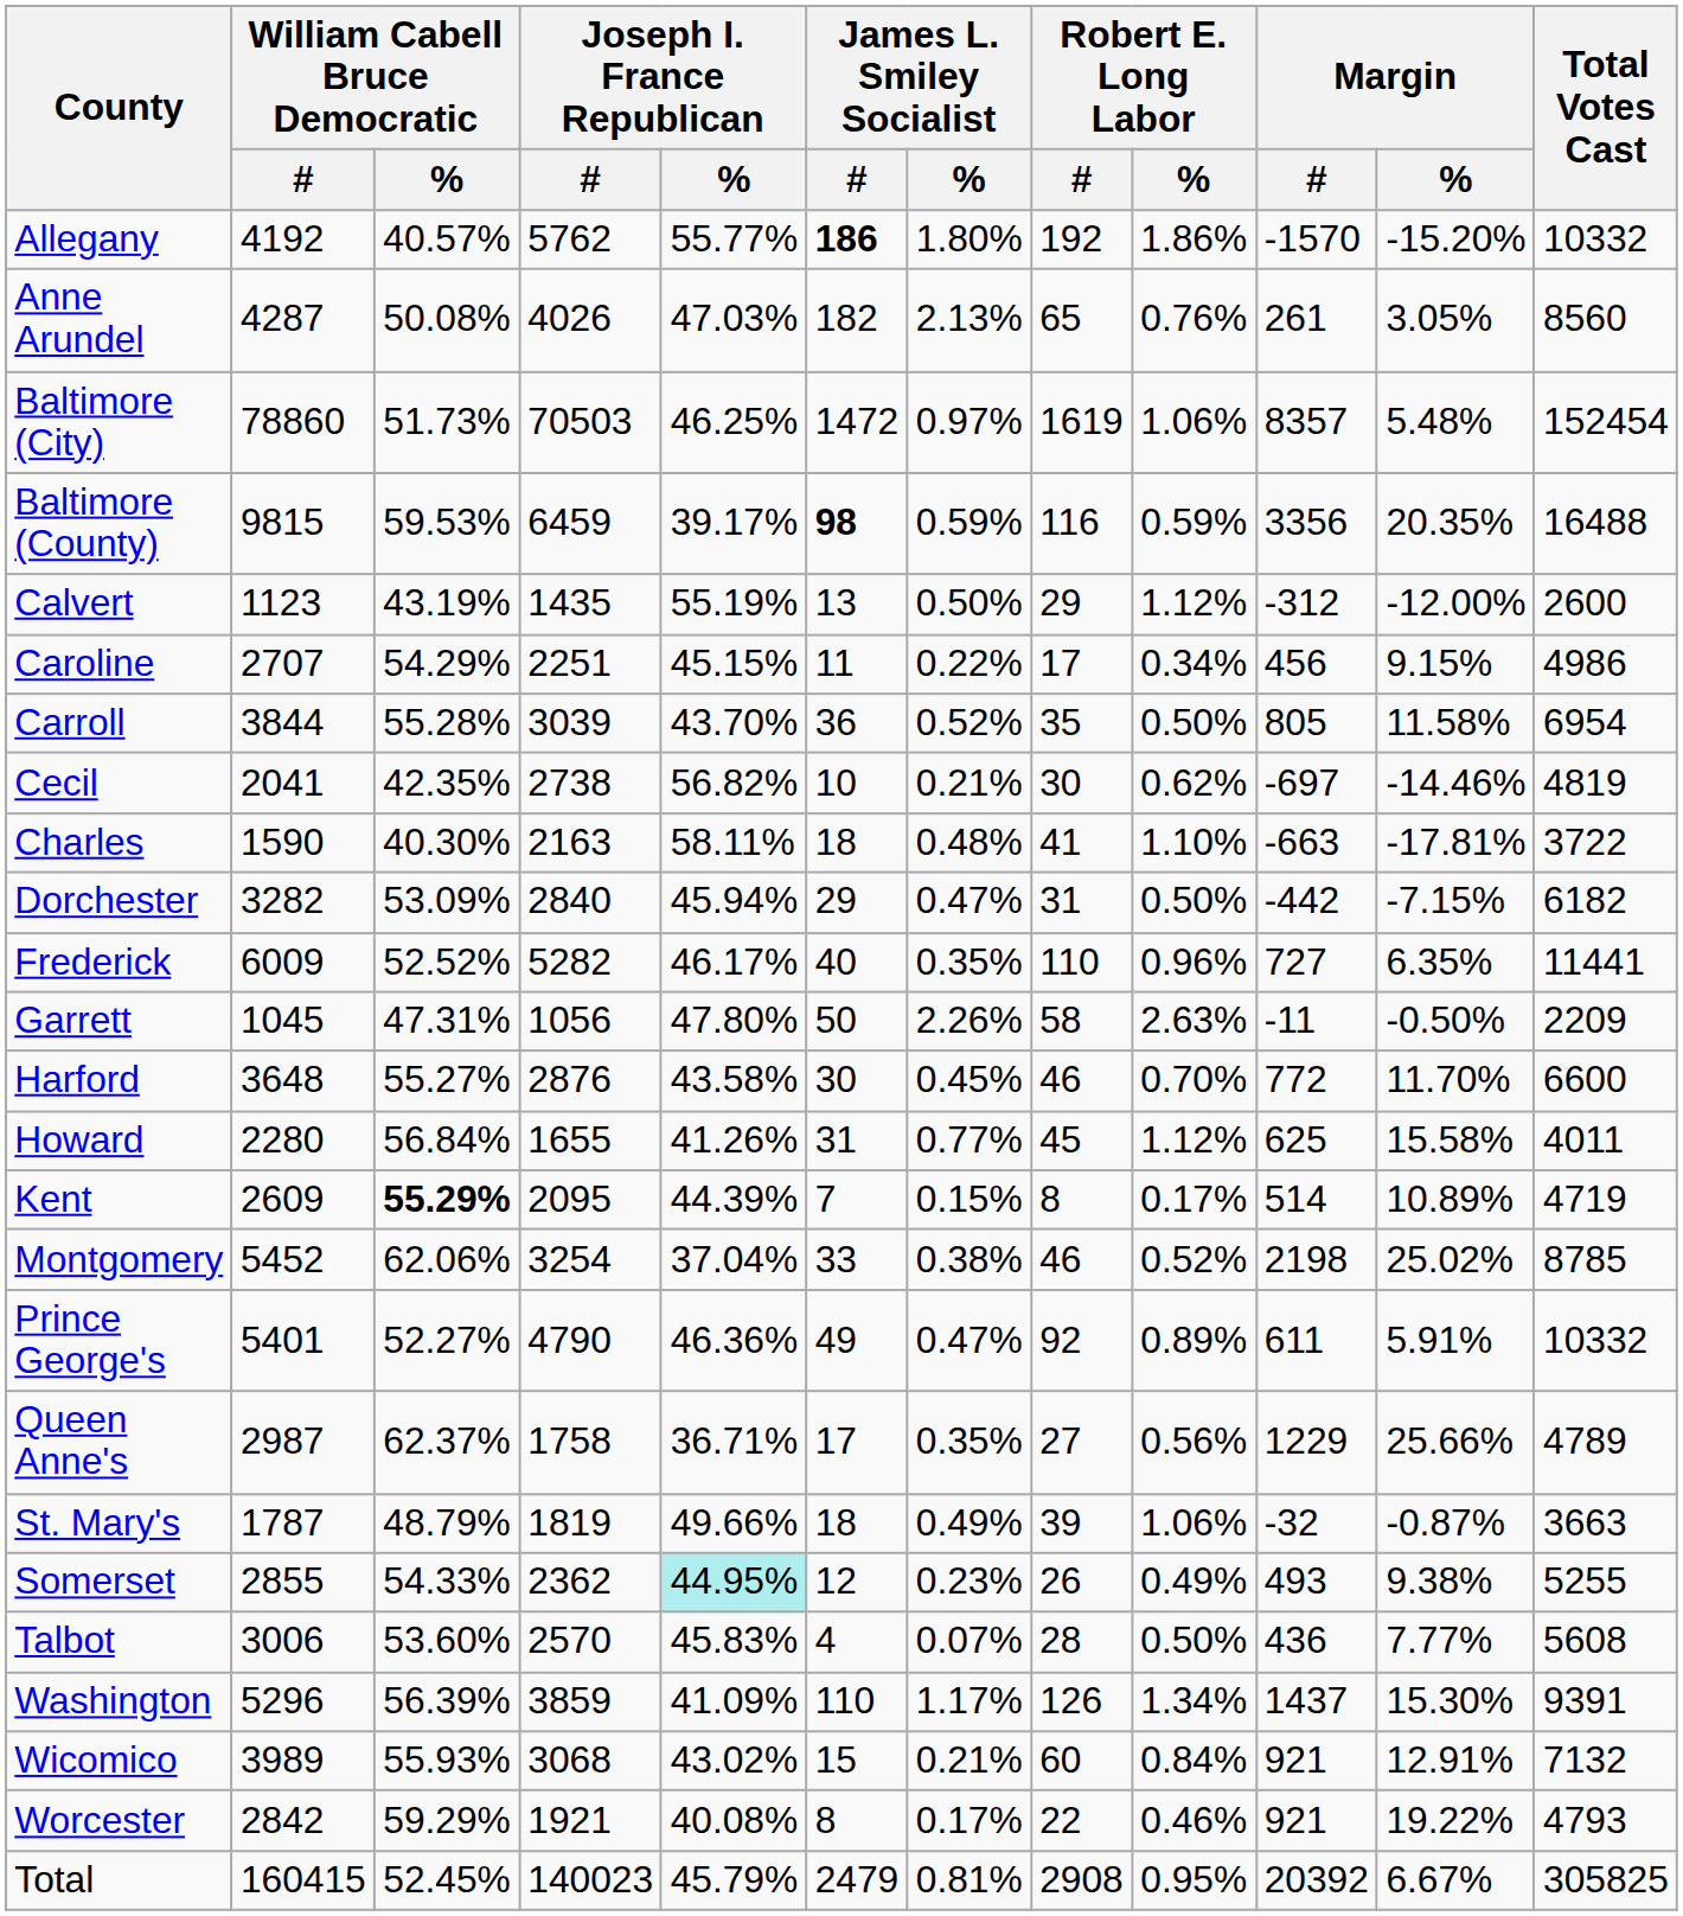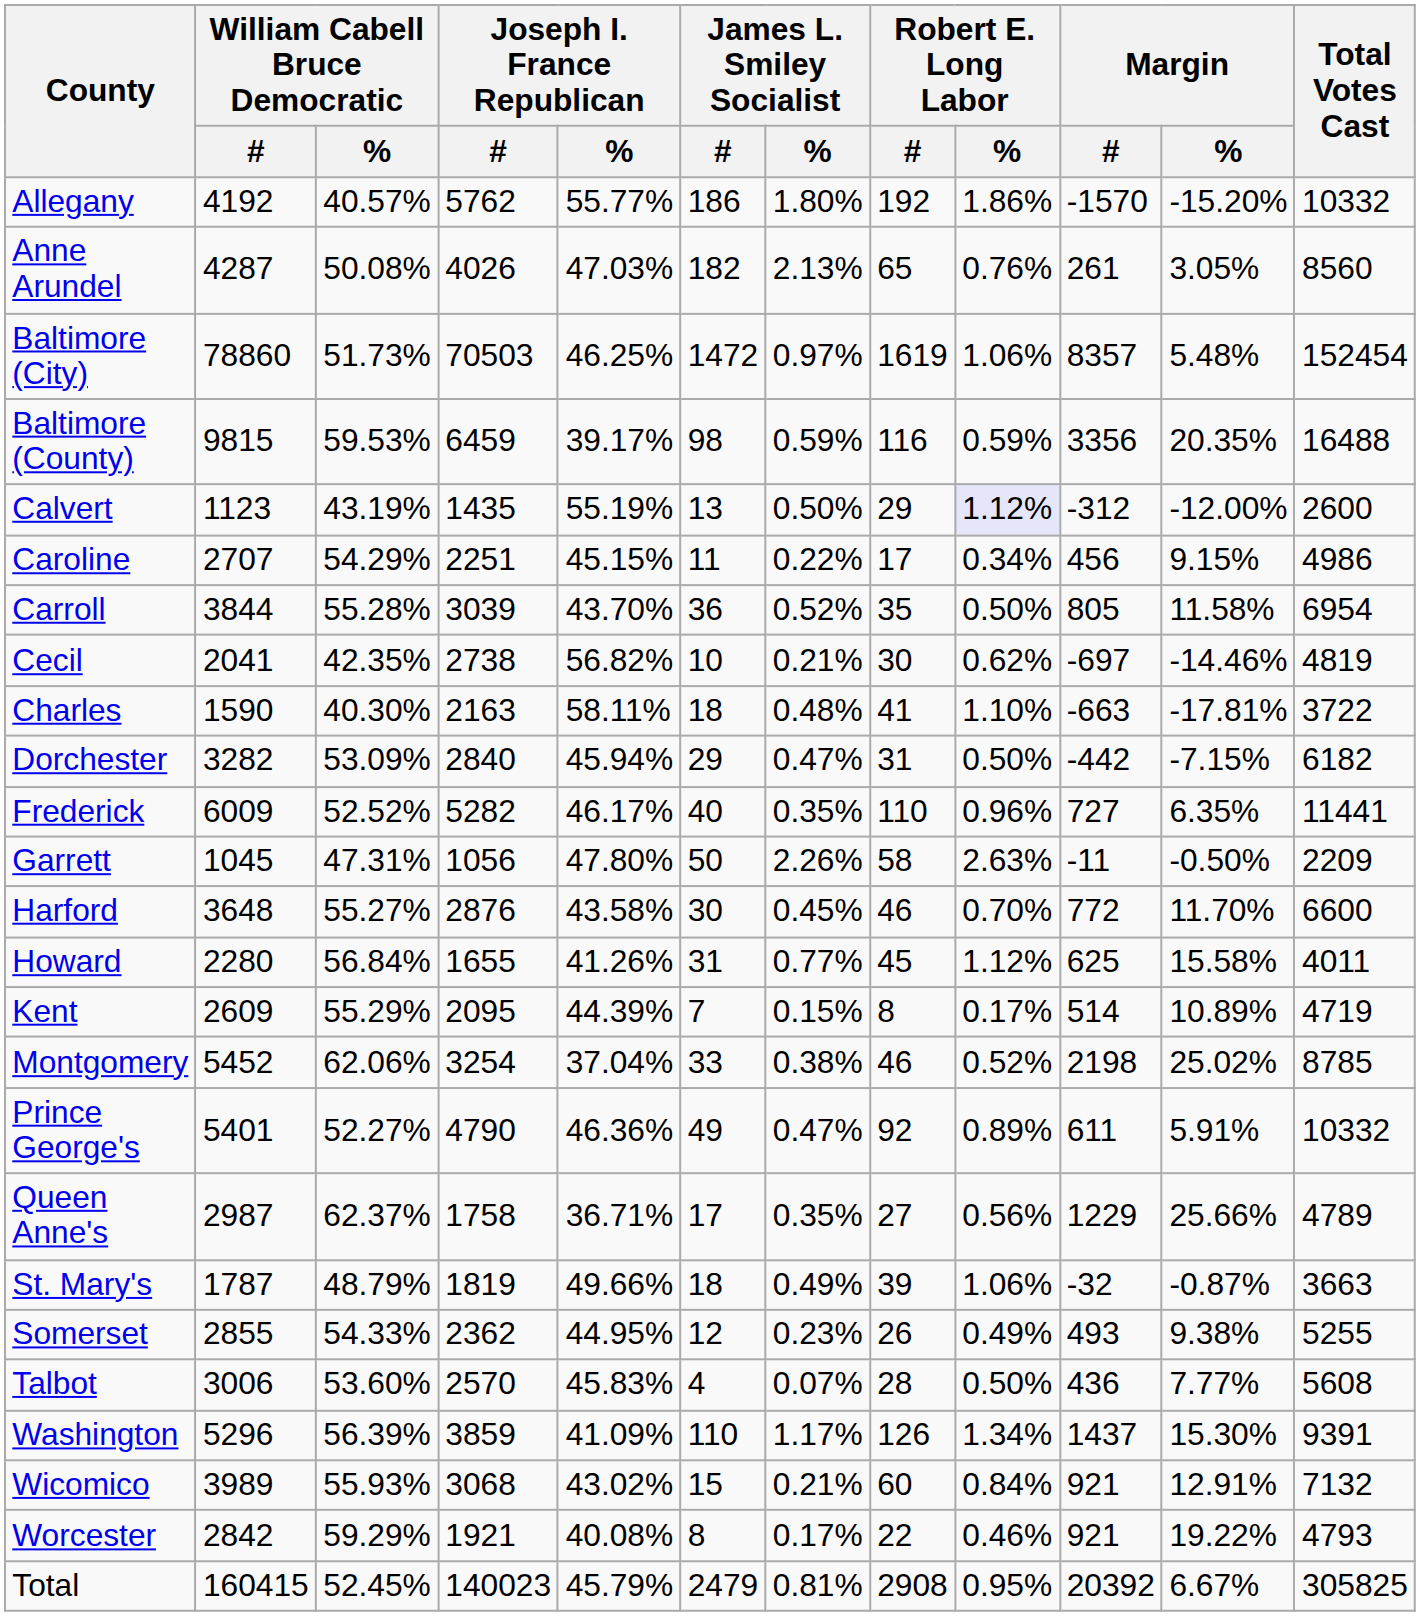 <table class="wikitable sortable">
 <tr>
 <th rowspan="2">County</th>
 <th colspan="2" >William Cabell Bruce<br>Democratic</th>
 <th colspan="2" >Joseph I. France<br>Republican</th>
 <th colspan="2" >James L. Smiley<br>Socialist</th>
 <th colspan="2" >Robert E. Long<br>Labor</th>
 <th colspan="2">Margin</th>
 <th rowspan="2">Total<br>Votes<br>Cast</th>
 </tr>
 <tr>
 <th>#</th>
 <th>%</th>
 <th>#</th>
 <th>%</th>
 <th>#</th>
 <th>%</th>
 <th>#</th>
 <th>%</th>
 <th>#</th>
 <th>%</th>
 </tr>
 <tr>
 <td><a href='#'>Allegany</a></td>
 <td>4192</td>
 <td>40.57%</td>
 <td>5762</td>
 <td>55.77%</td>
-<td><strong>186</strong></td>
+<td>186</td>
 <td>1.80%</td>
 <td>192</td>
 <td>1.86%</td>
 <td>-1570</td>
 <td>-15.20%</td>
 <td>10332</td>
 </tr>
 <tr>
 <td><a href='#'>Anne Arundel</a></td>
 <td>4287</td>
 <td>50.08%</td>
 <td>4026</td>
 <td>47.03%</td>
 <td>182</td>
 <td>2.13%</td>
 <td>65</td>
 <td>0.76%</td>
 <td>261</td>
 <td>3.05%</td>
 <td>8560</td>
 </tr>
 <tr>
 <td><a href='#'>Baltimore (City)</a></td>
 <td>78860</td>
 <td>51.73%</td>
 <td>70503</td>
 <td>46.25%</td>
 <td>1472</td>
 <td>0.97%</td>
 <td>1619</td>
 <td>1.06%</td>
 <td>8357</td>
 <td>5.48%</td>
 <td>152454</td>
 </tr>
 <tr>
 <td><a href='#'>Baltimore (County)</a></td>
 <td>9815</td>
 <td>59.53%</td>
 <td>6459</td>
 <td>39.17%</td>
-<td><strong>98</strong></td>
+<td>98</td>
 <td>0.59%</td>
 <td>116</td>
 <td>0.59%</td>
 <td>3356</td>
 <td>20.35%</td>
 <td>16488</td>
 </tr>
 <tr>
 <td><a href='#'>Calvert</a></td>
 <td>1123</td>
 <td>43.19%</td>
 <td>1435</td>
 <td>55.19%</td>
 <td>13</td>
 <td>0.50%</td>
 <td>29</td>
-<td>1.12%</td>
+<td style="background: lavender;">1.12%</td>
 <td>-312</td>
 <td>-12.00%</td>
 <td>2600</td>
 </tr>
 <tr>
 <td><a href='#'>Caroline</a></td>
 <td>2707</td>
 <td>54.29%</td>
 <td>2251</td>
 <td>45.15%</td>
 <td>11</td>
 <td>0.22%</td>
 <td>17</td>
 <td>0.34%</td>
 <td>456</td>
 <td>9.15%</td>
 <td>4986</td>
 </tr>
 <tr>
 <td><a href='#'>Carroll</a></td>
 <td>3844</td>
 <td>55.28%</td>
 <td>3039</td>
 <td>43.70%</td>
 <td>36</td>
 <td>0.52%</td>
 <td>35</td>
 <td>0.50%</td>
 <td>805</td>
 <td>11.58%</td>
 <td>6954</td>
 </tr>
 <tr>
 <td><a href='#'>Cecil</a></td>
 <td>2041</td>
 <td>42.35%</td>
 <td>2738</td>
 <td>56.82%</td>
 <td>10</td>
 <td>0.21%</td>
 <td>30</td>
 <td>0.62%</td>
 <td>-697</td>
 <td>-14.46%</td>
 <td>4819</td>
 </tr>
 <tr>
 <td><a href='#'>Charles</a></td>
 <td>1590</td>
 <td>40.30%</td>
 <td>2163</td>
 <td>58.11%</td>
 <td>18</td>
 <td>0.48%</td>
 <td>41</td>
 <td>1.10%</td>
 <td>-663</td>
 <td>-17.81%</td>
 <td>3722</td>
 </tr>
 <tr>
 <td><a href='#'>Dorchester</a></td>
 <td>3282</td>
 <td>53.09%</td>
 <td>2840</td>
 <td>45.94%</td>
 <td>29</td>
 <td>0.47%</td>
 <td>31</td>
 <td>0.50%</td>
 <td>-442</td>
 <td>-7.15%</td>
 <td>6182</td>
 </tr>
 <tr>
 <td><a href='#'>Frederick</a></td>
 <td>6009</td>
 <td>52.52%</td>
 <td>5282</td>
 <td>46.17%</td>
 <td>40</td>
 <td>0.35%</td>
 <td>110</td>
 <td>0.96%</td>
 <td>727</td>
 <td>6.35%</td>
 <td>11441</td>
 </tr>
 <tr>
 <td><a href='#'>Garrett</a></td>
 <td>1045</td>
 <td>47.31%</td>
 <td>1056</td>
 <td>47.80%</td>
 <td>50</td>
 <td>2.26%</td>
 <td>58</td>
 <td>2.63%</td>
 <td>-11</td>
 <td>-0.50%</td>
 <td>2209</td>
 </tr>
 <tr>
 <td><a href='#'>Harford</a></td>
 <td>3648</td>
 <td>55.27%</td>
 <td>2876</td>
 <td>43.58%</td>
 <td>30</td>
 <td>0.45%</td>
 <td>46</td>
 <td>0.70%</td>
 <td>772</td>
 <td>11.70%</td>
 <td>6600</td>
 </tr>
 <tr>
 <td><a href='#'>Howard</a></td>
 <td>2280</td>
 <td>56.84%</td>
 <td>1655</td>
 <td>41.26%</td>
 <td>31</td>
 <td>0.77%</td>
 <td>45</td>
 <td>1.12%</td>
 <td>625</td>
 <td>15.58%</td>
 <td>4011</td>
 </tr>
 <tr>
 <td><a href='#'>Kent</a></td>
 <td>2609</td>
-<td><strong>55.29%</strong></td>
+<td>55.29%</td>
 <td>2095</td>
 <td>44.39%</td>
 <td>7</td>
 <td>0.15%</td>
 <td>8</td>
 <td>0.17%</td>
 <td>514</td>
 <td>10.89%</td>
 <td>4719</td>
 </tr>
 <tr>
 <td><a href='#'>Montgomery</a></td>
 <td>5452</td>
 <td>62.06%</td>
 <td>3254</td>
 <td>37.04%</td>
 <td>33</td>
 <td>0.38%</td>
 <td>46</td>
 <td>0.52%</td>
 <td>2198</td>
 <td>25.02%</td>
 <td>8785</td>
 </tr>
 <tr>
 <td><a href='#'>Prince George's</a></td>
 <td>5401</td>
 <td>52.27%</td>
 <td>4790</td>
 <td>46.36%</td>
 <td>49</td>
 <td>0.47%</td>
 <td>92</td>
 <td>0.89%</td>
 <td>611</td>
 <td>5.91%</td>
 <td>10332</td>
 </tr>
 <tr>
 <td><a href='#'>Queen Anne's</a></td>
 <td>2987</td>
 <td>62.37%</td>
 <td>1758</td>
 <td>36.71%</td>
 <td>17</td>
 <td>0.35%</td>
 <td>27</td>
 <td>0.56%</td>
 <td>1229</td>
 <td>25.66%</td>
 <td>4789</td>
 </tr>
 <tr>
 <td><a href='#'>St. Mary's</a></td>
 <td>1787</td>
 <td>48.79%</td>
 <td>1819</td>
 <td>49.66%</td>
 <td>18</td>
 <td>0.49%</td>
 <td>39</td>
 <td>1.06%</td>
 <td>-32</td>
 <td>-0.87%</td>
 <td>3663</td>
 </tr>
 <tr>
 <td><a href='#'>Somerset</a></td>
 <td>2855</td>
 <td>54.33%</td>
 <td>2362</td>
-<td style="background: paleturquoise;">44.95%</td>
+<td>44.95%</td>
 <td>12</td>
 <td>0.23%</td>
 <td>26</td>
 <td>0.49%</td>
 <td>493</td>
 <td>9.38%</td>
 <td>5255</td>
 </tr>
 <tr>
 <td><a href='#'>Talbot</a></td>
 <td>3006</td>
 <td>53.60%</td>
 <td>2570</td>
 <td>45.83%</td>
 <td>4</td>
 <td>0.07%</td>
 <td>28</td>
 <td>0.50%</td>
 <td>436</td>
 <td>7.77%</td>
 <td>5608</td>
 </tr>
 <tr>
 <td><a href='#'>Washington</a></td>
 <td>5296</td>
 <td>56.39%</td>
 <td>3859</td>
 <td>41.09%</td>
 <td>110</td>
 <td>1.17%</td>
 <td>126</td>
 <td>1.34%</td>
 <td>1437</td>
 <td>15.30%</td>
 <td>9391</td>
 </tr>
 <tr>
 <td><a href='#'>Wicomico</a></td>
 <td>3989</td>
 <td>55.93%</td>
 <td>3068</td>
 <td>43.02%</td>
 <td>15</td>
 <td>0.21%</td>
 <td>60</td>
 <td>0.84%</td>
 <td>921</td>
 <td>12.91%</td>
 <td>7132</td>
 </tr>
 <tr>
 <td><a href='#'>Worcester</a></td>
 <td>2842</td>
 <td>59.29%</td>
 <td>1921</td>
 <td>40.08%</td>
 <td>8</td>
 <td>0.17%</td>
 <td>22</td>
 <td>0.46%</td>
 <td>921</td>
 <td>19.22%</td>
 <td>4793</td>
 </tr>
 <tr>
 <td>Total</td>
 <td>160415</td>
 <td>52.45%</td>
 <td>140023</td>
 <td>45.79%</td>
 <td>2479</td>
 <td>0.81%</td>
 <td>2908</td>
 <td>0.95%</td>
 <td>20392</td>
 <td>6.67%</td>
 <td>305825</td>
 </tr>
 </table>
